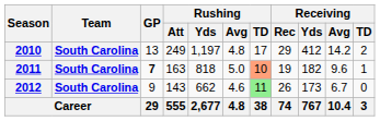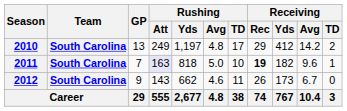 <table class="wikitable" style="text-align:center;">
 <tr>
 <th rowspan="2">Season</th>
 <th rowspan="2">Team</th>
 <th rowspan="2">GP</th>
 <th colspan="4">Rushing</th>
 <th colspan="4">Receiving</th>
 </tr>
 <tr>
 <th>Att</th>
 <th>Yds</th>
 <th>Avg</th>
 <th>TD</th>
 <th>Rec</th>
 <th>Yds</th>
 <th>Avg</th>
 <th>TD</th>
 </tr>
 <tr>
 <th><a href='#'>2010</a></th>
 <th><a href='#'>South Carolina</a></th>
 <td>13</td>
 <td>249</td>
 <td>1,197</td>
 <td>4.8</td>
 <td>17</td>
 <td>29</td>
 <td>412</td>
 <td>14.2</td>
 <td>2</td>
 </tr>
 <tr>
 <th><a href='#'>2011</a></th>
 <th><a href='#'>South Carolina</a></th>
-<td><strong>7</strong></td>
-<td>163</td>
+<td>7</td>
+<td style="background: lavender;">163</td>
 <td>818</td>
 <td>5.0</td>
-<td style="background: lightsalmon;">10</td>
-<td>19</td>
+<td>10</td>
+<td><strong>19</strong></td>
 <td>182</td>
 <td>9.6</td>
 <td>1</td>
 </tr>
 <tr>
 <th><a href='#'>2012</a></th>
 <th><a href='#'>South Carolina</a></th>
 <td>9</td>
 <td>143</td>
 <td>662</td>
 <td>4.6</td>
-<td style="background: lightgreen;">11</td>
+<td>11</td>
 <td>26</td>
 <td>173</td>
 <td>6.7</td>
 <td>0</td>
 </tr>
 <tr>
 <th colspan="2">Career</th>
 <th>29</th>
 <th>555</th>
 <th>2,677</th>
 <th>4.8</th>
 <th>38</th>
 <th>74</th>
 <th>767</th>
 <th>10.4</th>
 <th>3</th>
 </tr>
 </table>
